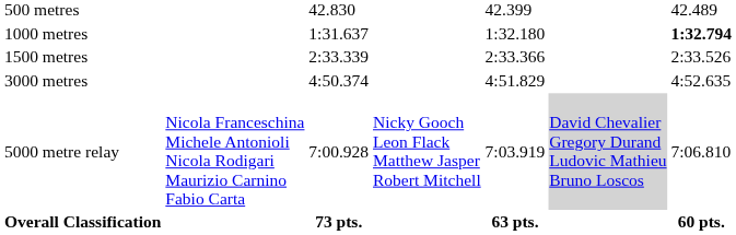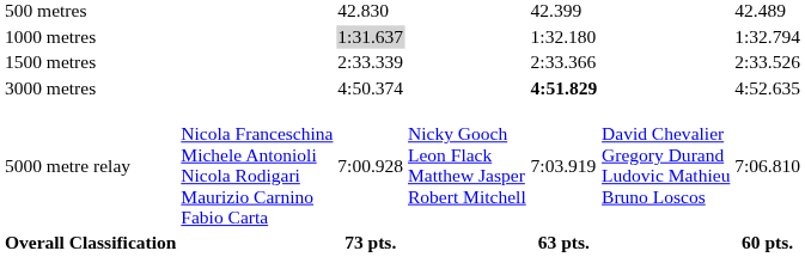 <table>
 <tr>
 <td>500 metres</td>
 <td></td>
 <td>42.830</td>
 <td></td>
 <td>42.399</td>
 <td></td>
 <td>42.489</td>
 </tr>
 <tr>
 <td>1000 metres</td>
 <td></td>
-<td>1:31.637</td>
+<td style="background: lightgrey;">1:31.637</td>
 <td></td>
 <td>1:32.180</td>
 <td></td>
-<td><strong>1:32.794</strong></td>
+<td>1:32.794</td>
 </tr>
 <tr>
 <td>1500 metres</td>
 <td></td>
 <td>2:33.339</td>
 <td></td>
 <td>2:33.366</td>
 <td></td>
 <td>2:33.526</td>
 </tr>
 <tr>
 <td>3000 metres</td>
 <td></td>
 <td>4:50.374</td>
 <td></td>
-<td>4:51.829</td>
+<td><strong>4:51.829</strong></td>
 <td></td>
 <td>4:52.635</td>
 </tr>
 <tr>
 <td>5000 metre relay</td>
 <td valign=top><br><a href='#'>Nicola Franceschina</a><br><a href='#'>Michele Antonioli</a><br><a href='#'>Nicola Rodigari</a><br><a href='#'>Maurizio Carnino</a><br><a href='#'>Fabio Carta</a></td>
 <td>7:00.928</td>
 <td valign=top><br><a href='#'>Nicky Gooch</a><br><a href='#'>Leon Flack</a><br><a href='#'>Matthew Jasper</a><br><a href='#'>Robert Mitchell</a></td>
 <td>7:03.919</td>
-<td valign=top style="background: lightgrey;"><br><a href='#'>David Chevalier</a><br><a href='#'>Gregory Durand</a><br><a href='#'>Ludovic Mathieu</a><br><a href='#'>Bruno Loscos</a></td>
+<td valign=top><br><a href='#'>David Chevalier</a><br><a href='#'>Gregory Durand</a><br><a href='#'>Ludovic Mathieu</a><br><a href='#'>Bruno Loscos</a></td>
 <td>7:06.810</td>
 </tr>
 <tr>
 <th>Overall Classification</th>
 <th></th>
 <th>73 pts.</th>
 <th></th>
 <th>63 pts.</th>
 <th></th>
 <th>60 pts.</th>
 </tr>
 </table>
